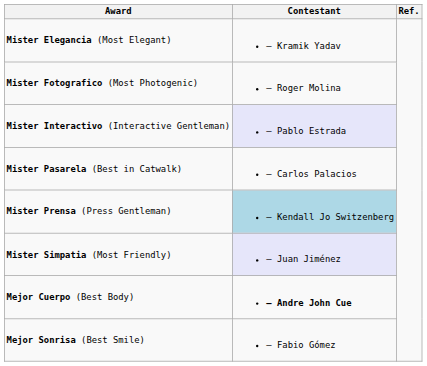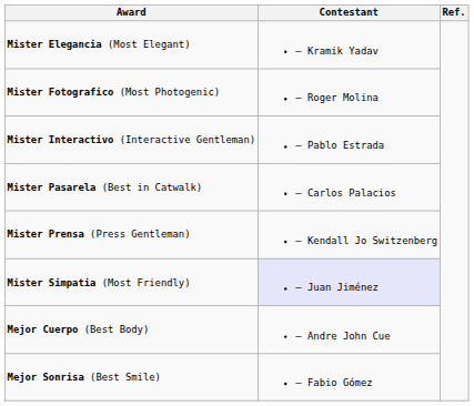 <table class="wikitable sortable" style="font-size: 85%;">
 <tr>
 <th>Award</th>
 <th>Contestant</th>
 <th>Ref.</th>
 </tr>
 <tr>
 <td><strong>Mister Elegancia</strong> (Most Elegant)</td>
 <td><br><ul><li> –  Kramik Yadav</li></ul></td>
 <td rowspan="8"></td>
 </tr>
 <tr>
 <td><strong>Mister Fotografico</strong> (Most Photogenic)</td>
 <td><br><ul><li> –  Roger Molina</li></ul></td>
 </tr>
 <tr>
 <td><strong>Mister Interactivo</strong> (Interactive Gentleman)</td>
-<td style="background: lavender;"><br><ul><li> – Pablo Estrada</li></ul></td>
+<td><br><ul><li> – Pablo Estrada</li></ul></td>
 </tr>
 <tr>
 <td><strong>Mister Pasarela</strong> (Best in Catwalk)</td>
 <td><br><ul><li> – Carlos Palacios</li></ul></td>
 </tr>
 <tr>
 <td><strong>Mister Prensa</strong> (Press Gentleman)</td>
-<td style="background: lightblue;"><br><ul><li> –  Kendall Jo Switzenberg</li></ul></td>
+<td><br><ul><li> –  Kendall Jo Switzenberg</li></ul></td>
 </tr>
 <tr>
 <td><strong>Mister Simpatia</strong> (Most Friendly)</td>
 <td style="background: lavender;"><br><ul><li> – Juan Jiménez</li></ul></td>
 </tr>
 <tr>
 <td><strong>Mejor Cuerpo</strong> (Best Body)</td>
-<td><strong><br><ul><li> – Andre John Cue</li></ul></strong></td>
+<td><br><ul><li> – Andre John Cue</li></ul></td>
 </tr>
 <tr>
 <td><strong>Mejor Sonrisa</strong> (Best Smile)</td>
 <td><br><ul><li> – Fabio Gómez</li></ul></td>
 </tr>
 </table>
